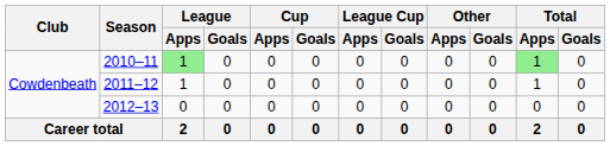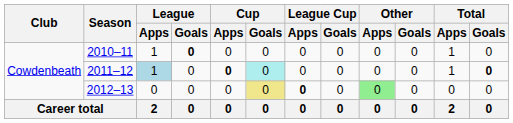 <table class="wikitable" style="text-align:center">
 <tr>
 <th rowspan="2">Club</th>
 <th rowspan="2">Season</th>
 <th colspan="2">League</th>
 <th colspan="2">Cup</th>
 <th colspan="2">League Cup</th>
 <th colspan="2">Other</th>
 <th ! colspan="2">Total</th>
 </tr>
 <tr>
 <th>Apps</th>
 <th>Goals</th>
 <th>Apps</th>
 <th>Goals</th>
 <th>Apps</th>
 <th>Goals</th>
 <th>Apps</th>
 <th>Goals</th>
 <th>Apps</th>
 <th>Goals</th>
 </tr>
 <tr>
 <td rowspan="3"><a href='#'>Cowdenbeath</a></td>
 <td><a href='#'>2010–11</a></td>
-<td style="background: lightgreen;">1</td>
-<td>0</td>
-<td>0</td>
-<td>0</td>
-<td>0</td>
-<td>0</td>
-<td>0</td>
-<td>0</td>
-<td style="background: lightgreen;">1</td>
-<td>0</td>
-</tr>
-<tr>
-<td><a href='#'>2011–12</a></td>
 <td>1</td>
-<td>0</td>
+<td><strong>0</strong></td>
 <td>0</td>
 <td>0</td>
 <td>0</td>
 <td>0</td>
 <td>0</td>
 <td>0</td>
 <td>1</td>
 <td>0</td>
 </tr>
 <tr>
+<td><a href='#'>2011–12</a></td>
+<td style="background: lightblue;">1</td>
+<td>0</td>
+<td><strong>0</strong></td>
+<td style="background: paleturquoise;">0</td>
+<td>0</td>
+<td>0</td>
+<td>0</td>
+<td>0</td>
+<td>1</td>
+<td><strong>0</strong></td>
+</tr>
+<tr>
 <td><a href='#'>2012–13</a></td>
 <td>0</td>
 <td>0</td>
 <td>0</td>
+<td style="background: khaki;">0</td>
+<td><strong>0</strong></td>
 <td>0</td>
-<td>0</td>
-<td>0</td>
-<td>0</td>
+<td style="background: lightgreen;">0</td>
 <td>0</td>
 <td>0</td>
 <td>0</td>
 </tr>
 <tr>
 <th colspan="2">Career total</th>
 <th>2</th>
 <th>0</th>
 <th>0</th>
 <th>0</th>
 <th>0</th>
 <th>0</th>
 <th>0</th>
 <th>0</th>
 <th>2</th>
 <th>0</th>
 </tr>
 </table>
